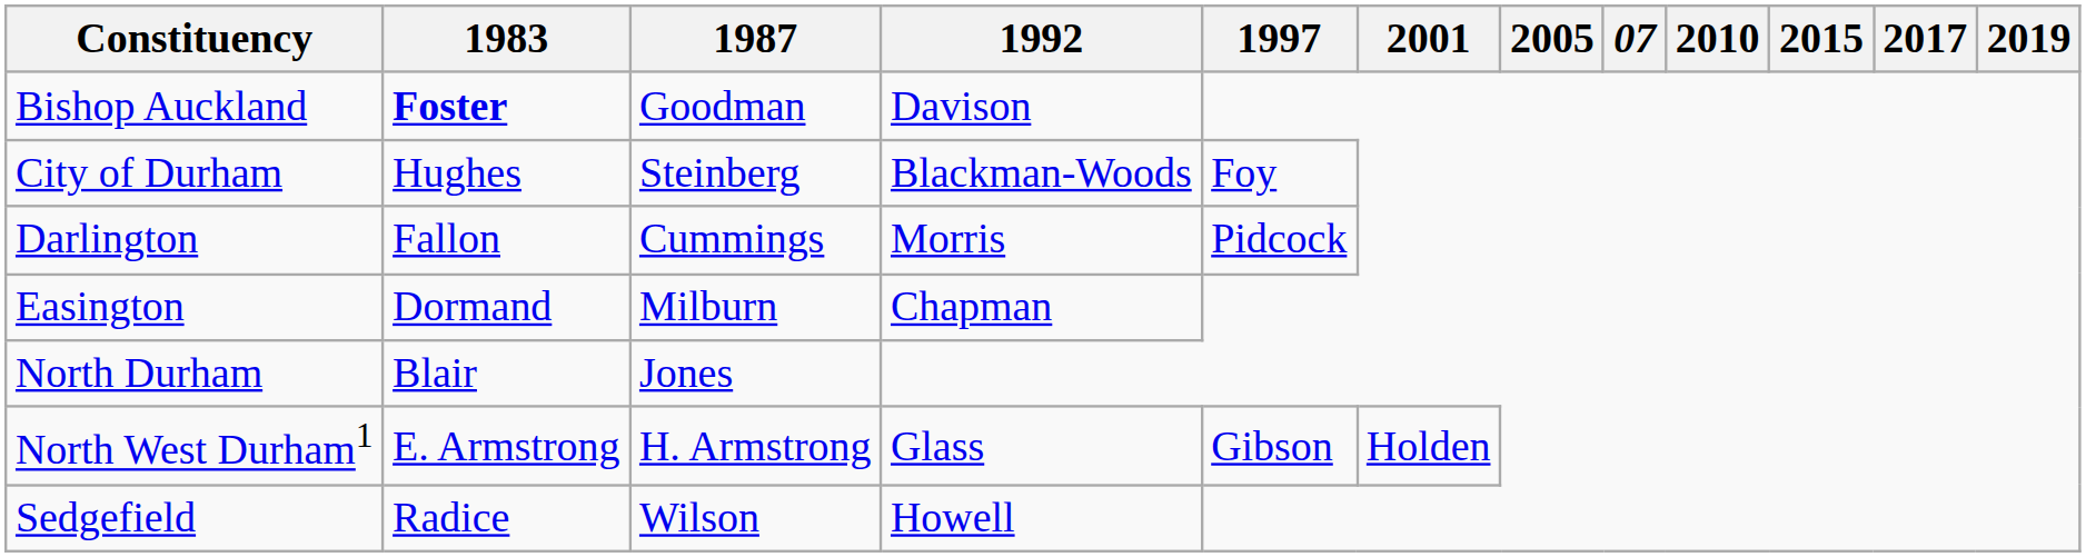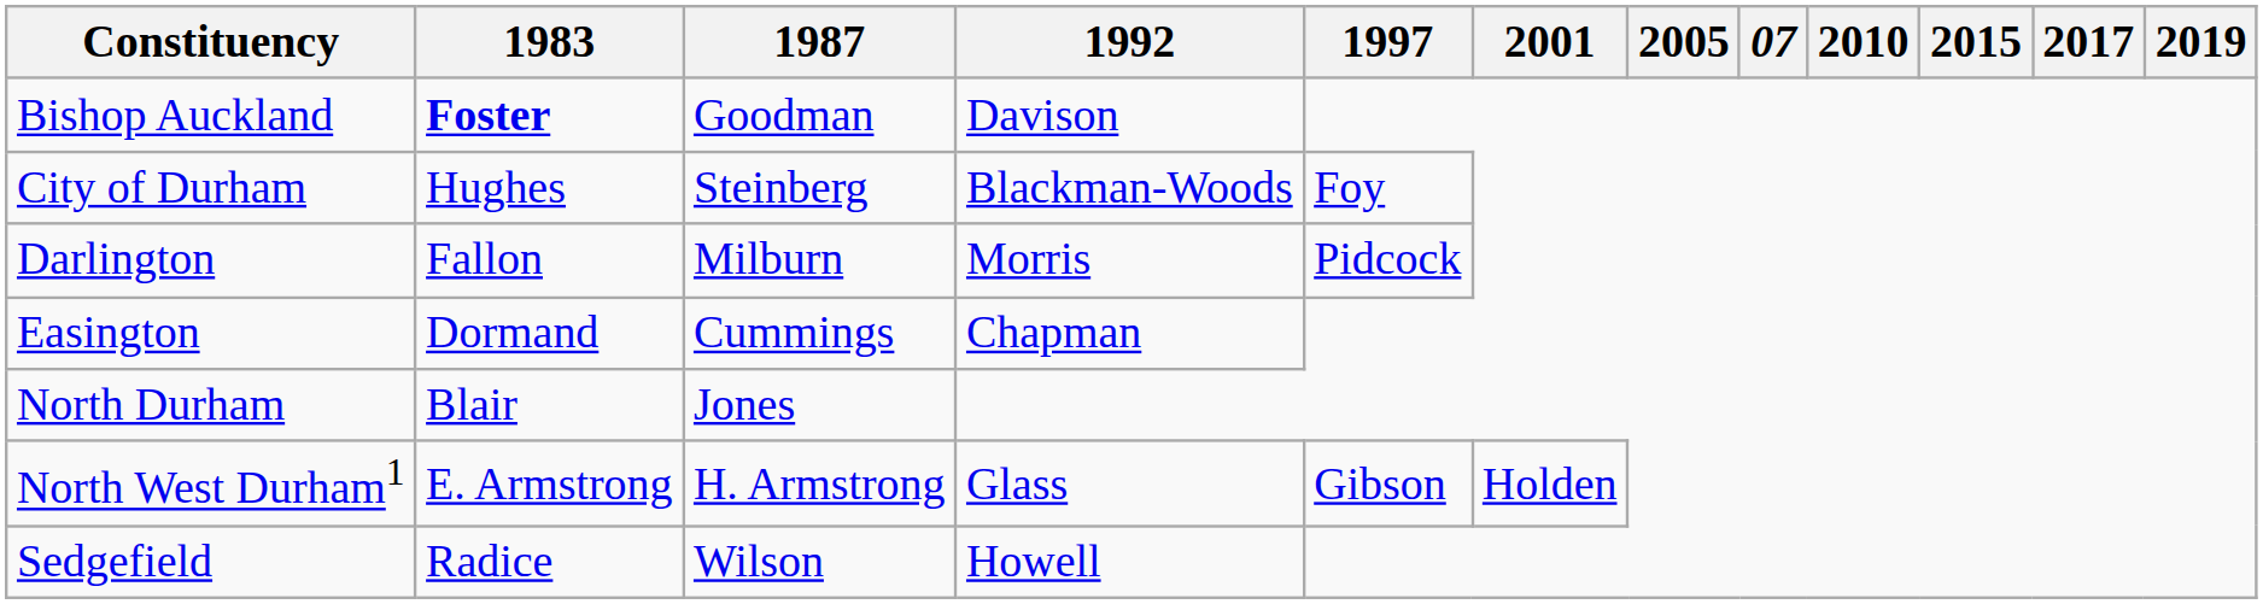 <table class="wikitable">
 <tr>
 <th>Constituency</th>
 <th>1983</th>
 <th>1987</th>
 <th>1992</th>
 <th>1997</th>
 <th>2001</th>
 <th>2005</th>
 <th><em>07</em></th>
 <th>2010</th>
 <th>2015</th>
 <th>2017</th>
 <th>2019</th>
 </tr>
 <tr>
 <td><a href='#'>Bishop Auckland</a></td>
 <td><strong><a href='#'>Foster</a></strong></td>
 <td><a href='#'>Goodman</a></td>
 <td><a href='#'>Davison</a></td>
 </tr>
 <tr>
 <td><a href='#'>City of Durham</a></td>
 <td><a href='#'>Hughes</a></td>
 <td><a href='#'>Steinberg</a></td>
 <td><a href='#'>Blackman-Woods</a></td>
 <td><a href='#'>Foy</a></td>
 </tr>
 <tr>
 <td><a href='#'>Darlington</a></td>
 <td><a href='#'>Fallon</a></td>
-<td><a href='#'>Cummings</a></td>
+<td><a href='#'>Milburn</a></td>
 <td><a href='#'>Morris</a></td>
 <td><a href='#'>Pidcock</a></td>
 </tr>
 <tr>
 <td><a href='#'>Easington</a></td>
 <td><a href='#'>Dormand</a></td>
-<td><a href='#'>Milburn</a></td>
+<td><a href='#'>Cummings</a></td>
 <td><a href='#'>Chapman</a></td>
 </tr>
 <tr>
 <td><a href='#'>North Durham</a></td>
 <td><a href='#'>Blair</a></td>
 <td><a href='#'>Jones</a></td>
 </tr>
 <tr>
 <td><a href='#'>North West Durham</a><sup>1</sup></td>
 <td><a href='#'>E. Armstrong</a></td>
 <td><a href='#'>H. Armstrong</a></td>
 <td><a href='#'>Glass</a></td>
 <td><a href='#'>Gibson</a></td>
 <td><a href='#'>Holden</a></td>
 </tr>
 <tr>
 <td><a href='#'>Sedgefield</a></td>
 <td><a href='#'>Radice</a></td>
 <td><a href='#'>Wilson</a></td>
 <td><a href='#'>Howell</a></td>
 </tr>
 </table>
